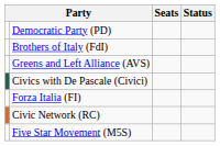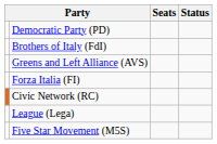 <table class=wikitable>
 <tr>
 <th colspan=2>Party</th>
 <th>Seats</th>
 <th>Status</th>
 </tr>
 <tr>
 <td></td>
 <td><a href='#'>Democratic Party</a> (PD)</td>
 <td></td>
 <td></td>
 </tr>
 <tr>
 <td></td>
 <td><a href='#'>Brothers of Italy</a> (FdI)</td>
 <td></td>
 <td></td>
 </tr>
 <tr>
 <td></td>
 <td><a href='#'>Greens and Left Alliance</a> (AVS)</td>
 <td></td>
 <td></td>
 </tr>
 <tr>
-<td bgcolor="#1e5f4d"></td>
-<td>Civics with De Pascale (Civici)</td>
-<td></td>
-<td></td>
-</tr>
-<tr>
 <td></td>
 <td><a href='#'>Forza Italia</a> (FI)</td>
 <td></td>
 <td></td>
 </tr>
 <tr>
 <td bgcolor="#E06621"></td>
 <td>Civic Network (RC)</td>
 <td></td>
 <td></td>
 </tr>
 <tr>
 <td></td>
+<td><a href='#'>League</a> (Lega)</td>
+<td></td>
+<td></td>
+</tr>
+<tr>
+<td></td>
 <td><a href='#'>Five Star Movement</a> (M5S)</td>
 <td></td>
 <td></td>
 </tr>
 </table>
